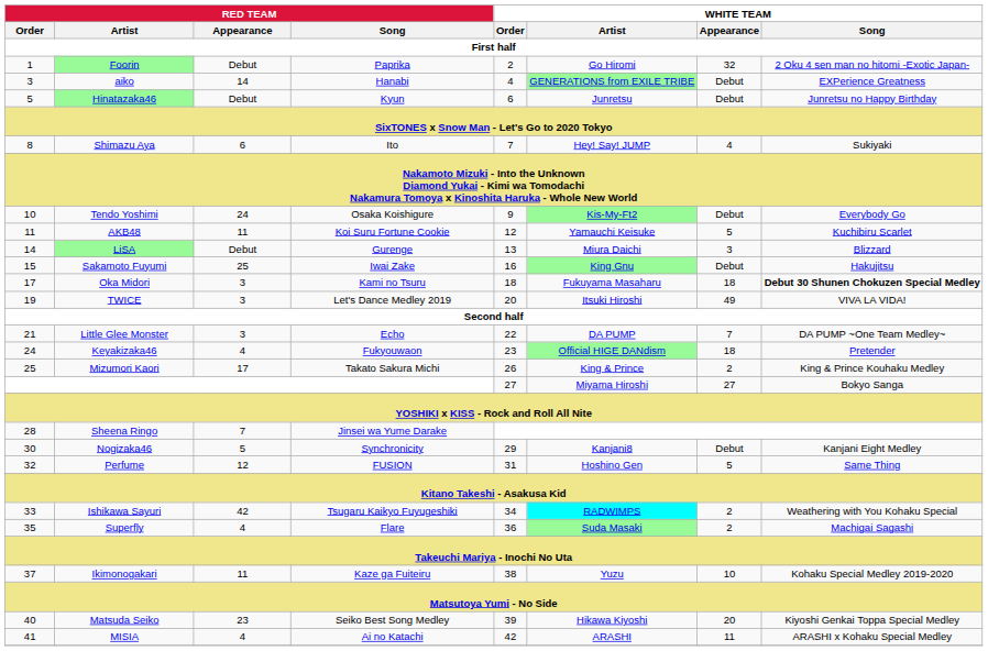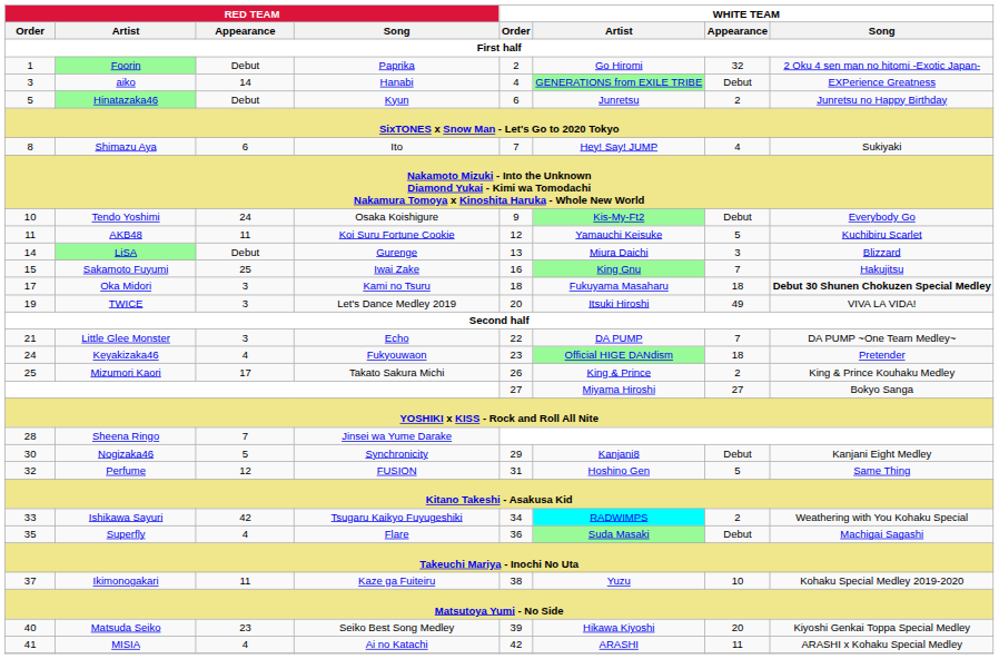 <table class="wikitable" style="font-size:small; text-align:center">
 <tr>
 <th colspan="4" style="background:Crimson; color:White; width:50%">RED TEAM</th>
 <th colspan="4" style="background:White; width:50%">WHITE TEAM</th>
 </tr>
 <tr>
 <th>Order</th>
 <th>Artist</th>
 <th>Appearance</th>
 <th>Song</th>
 <th>Order</th>
 <th>Artist</th>
 <th>Appearance</th>
 <th>Song</th>
 </tr>
 <tr>
 <th colspan="8" style="background:White; width:50%">First half</th>
 </tr>
 <tr>
 <td>1</td>
 <td style="background:PaleGreen"><a href='#'>Foorin</a></td>
 <td>Debut</td>
 <td><a href='#'>Paprika</a></td>
 <td>2</td>
 <td><a href='#'>Go Hiromi</a></td>
 <td>32</td>
 <td><a href='#'>2 Oku 4 sen man no hitomi -Exotic Japan-</a></td>
 </tr>
 <tr>
 <td>3</td>
 <td><a href='#'>aiko</a></td>
 <td>14</td>
 <td><a href='#'>Hanabi</a></td>
 <td>4</td>
 <td style="background:PaleGreen"><a href='#'>GENERATIONS from EXILE TRIBE</a></td>
 <td>Debut</td>
 <td><a href='#'>EXPerience Greatness</a></td>
 </tr>
 <tr>
 <td>5</td>
 <td style="background:PaleGreen"><a href='#'>Hinatazaka46</a></td>
 <td>Debut</td>
 <td><a href='#'>Kyun</a></td>
 <td>6</td>
 <td><a href='#'>Junretsu</a></td>
-<td>Debut</td>
+<td>2</td>
 <td><a href='#'>Junretsu no Happy Birthday</a></td>
 </tr>
 <tr>
 <th colspan="8" style="background:Khaki; width:50%"><br><a href='#'>SixTONES</a> x <a href='#'>Snow Man</a> - Let's Go to 2020 Tokyo</th>
 </tr>
 <tr>
 <td>8</td>
 <td><a href='#'>Shimazu Aya</a></td>
 <td>6</td>
 <td>Ito</td>
 <td>7</td>
 <td><a href='#'>Hey! Say! JUMP</a></td>
 <td>4</td>
 <td>Sukiyaki</td>
 </tr>
 <tr>
 <th colspan="8" style="background:Khaki; width:50%"><br><a href='#'>Nakamoto Mizuki</a> - Into the Unknown<br> <a href='#'>Diamond Yukai</a> - Kimi wa Tomodachi<br> <a href='#'>Nakamura Tomoya</a> x <a href='#'>Kinoshita Haruka</a> - Whole New World</th>
 </tr>
 <tr>
 <td>10</td>
 <td><a href='#'>Tendo Yoshimi</a></td>
 <td>24</td>
 <td>Osaka Koishigure</td>
 <td>9</td>
 <td style="background:PaleGreen"><a href='#'>Kis-My-Ft2</a></td>
 <td>Debut</td>
 <td><a href='#'>Everybody Go</a></td>
 </tr>
 <tr>
 <td>11</td>
 <td><a href='#'>AKB48</a></td>
 <td>11</td>
 <td><a href='#'>Koi Suru Fortune Cookie</a></td>
 <td>12</td>
 <td><a href='#'>Yamauchi Keisuke</a></td>
 <td>5</td>
 <td><a href='#'>Kuchibiru Scarlet</a></td>
 </tr>
 <tr>
 <td>14</td>
 <td style="background:PaleGreen"><a href='#'>LiSA</a></td>
 <td>Debut</td>
 <td><a href='#'>Gurenge</a></td>
 <td>13</td>
 <td><a href='#'>Miura Daichi</a></td>
 <td>3</td>
 <td><a href='#'>Blizzard</a></td>
 </tr>
 <tr>
 <td>15</td>
 <td><a href='#'>Sakamoto Fuyumi</a></td>
 <td>25</td>
 <td><a href='#'>Iwai Zake</a></td>
 <td>16</td>
 <td style="background:PaleGreen"><a href='#'>King Gnu</a></td>
-<td>Debut</td>
+<td>7</td>
 <td><a href='#'>Hakujitsu</a></td>
 </tr>
 <tr>
 <td>17</td>
 <td><a href='#'>Oka Midori</a></td>
 <td>3</td>
 <td><a href='#'>Kami no Tsuru</a></td>
 <td>18</td>
 <td><a href='#'>Fukuyama Masaharu</a></td>
 <td>18</td>
 <td><strong>Debut 30 Shunen Chokuzen Special Medley</strong></td>
 </tr>
 <tr>
 <td>19</td>
 <td><a href='#'>TWICE</a></td>
 <td>3</td>
 <td>Let's Dance Medley 2019</td>
 <td>20</td>
 <td><a href='#'>Itsuki Hiroshi</a></td>
 <td>49</td>
 <td>VIVA LA VIDA!</td>
 </tr>
 <tr>
 <th colspan="8" style="background:White; width:50%">Second half</th>
 </tr>
 <tr>
 <td>21</td>
 <td><a href='#'>Little Glee Monster</a></td>
 <td>3</td>
 <td><a href='#'>Echo</a></td>
 <td>22</td>
 <td><a href='#'>DA PUMP</a></td>
 <td>7</td>
 <td>DA PUMP ~One Team Medley~</td>
 </tr>
 <tr>
 <td>24</td>
 <td><a href='#'>Keyakizaka46</a></td>
 <td>4</td>
 <td><a href='#'>Fukyouwaon</a></td>
 <td>23</td>
 <td style="background:PaleGreen"><a href='#'>Official HIGE DANdism</a></td>
 <td>18</td>
 <td><a href='#'>Pretender</a></td>
 </tr>
 <tr>
 <td>25</td>
 <td><a href='#'>Mizumori Kaori</a></td>
 <td>17</td>
 <td>Takato Sakura Michi</td>
 <td>26</td>
 <td><a href='#'>King & Prince</a></td>
 <td>2</td>
 <td>King & Prince Kouhaku Medley</td>
 </tr>
 <tr>
 <td colspan="4" style="background:White; width:50%"></td>
 <td>27</td>
 <td><a href='#'>Miyama Hiroshi</a></td>
 <td>27</td>
 <td>Bokyo Sanga</td>
 </tr>
 <tr>
 <th colspan="8" style="background:Khaki; width:50%"><br><a href='#'>YOSHIKI</a> x <a href='#'>KISS</a> - Rock and Roll All Nite</th>
 </tr>
 <tr>
 <td>28</td>
 <td><a href='#'>Sheena Ringo</a></td>
 <td>7</td>
 <td><a href='#'>Jinsei wa Yume Darake</a></td>
 <td colspan="4" style="background:White; width:50%"></td>
 </tr>
 <tr>
 <td>30</td>
 <td><a href='#'>Nogizaka46</a></td>
 <td>5</td>
 <td><a href='#'>Synchronicity</a></td>
 <td>29</td>
 <td><a href='#'>Kanjani8</a></td>
 <td>Debut</td>
 <td>Kanjani Eight Medley</td>
 </tr>
 <tr>
 <td>32</td>
 <td><a href='#'>Perfume</a></td>
 <td>12</td>
 <td><a href='#'>FUSION</a></td>
 <td>31</td>
 <td><a href='#'>Hoshino Gen</a></td>
 <td>5</td>
 <td><a href='#'>Same Thing</a></td>
 </tr>
 <tr>
 <th colspan="8" style="background:Khaki; width:50%"><br><a href='#'>Kitano Takeshi</a> - Asakusa Kid</th>
 </tr>
 <tr>
 <td>33</td>
 <td><a href='#'>Ishikawa Sayuri</a></td>
 <td>42</td>
 <td><a href='#'>Tsugaru Kaikyo Fuyugeshiki</a></td>
 <td>34</td>
 <td style="background:Aqua"><a href='#'>RADWIMPS</a></td>
 <td>2</td>
 <td>Weathering with You Kohaku Special</td>
 </tr>
 <tr>
 <td>35</td>
 <td><a href='#'>Superfly</a></td>
 <td>4</td>
 <td><a href='#'>Flare</a></td>
 <td>36</td>
 <td style="background:PaleGreen"><a href='#'>Suda Masaki</a></td>
-<td>2</td>
+<td>Debut</td>
 <td><a href='#'>Machigai Sagashi</a></td>
 </tr>
 <tr>
 <th colspan="8" style="background:Khaki; width:50%"><br><a href='#'>Takeuchi Mariya</a> - Inochi No Uta</th>
 </tr>
 <tr>
 <td>37</td>
 <td><a href='#'>Ikimonogakari</a></td>
 <td>11</td>
 <td><a href='#'>Kaze ga Fuiteiru</a></td>
 <td>38</td>
 <td><a href='#'>Yuzu</a></td>
 <td>10</td>
 <td>Kohaku Special Medley 2019-2020</td>
 </tr>
 <tr>
 <th colspan="8" style="background:Khaki; width:50%"><br><a href='#'>Matsutoya Yumi</a> - No Side</th>
 </tr>
 <tr>
 <td>40</td>
 <td><a href='#'>Matsuda Seiko</a></td>
 <td>23</td>
 <td>Seiko Best Song Medley</td>
 <td>39</td>
 <td><a href='#'>Hikawa Kiyoshi</a></td>
 <td>20</td>
 <td>Kiyoshi Genkai Toppa Special Medley</td>
 </tr>
 <tr>
 <td>41</td>
 <td><a href='#'>MISIA</a></td>
 <td>4</td>
 <td><a href='#'>Ai no Katachi</a></td>
 <td>42</td>
 <td><a href='#'>ARASHI</a></td>
 <td>11</td>
 <td>ARASHI x Kohaku Special Medley</td>
 </tr>
 <tr>
 </tr>
 </table>
